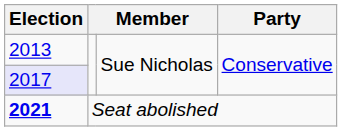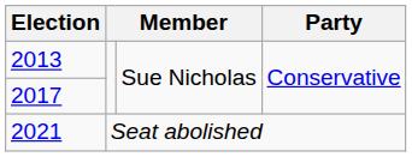 <table class="wikitable">
 <tr>
 <th>Election</th>
 <th colspan="2">Member</th>
 <th>Party</th>
 </tr>
 <tr>
 <td><a href='#'>2013</a></td>
 <td rowspan="2" style="background-color: "></td>
 <td rowspan="2">Sue Nicholas</td>
 <td rowspan="2"><a href='#'>Conservative</a></td>
 </tr>
 <tr>
-<td style="background: lavender;"><a href='#'>2017</a></td>
+<td><a href='#'>2017</a></td>
 </tr>
 <tr>
-<td><strong><a href='#'>2021</a></strong></td>
+<td><a href='#'>2021</a></td>
 <td colspan="3"><em>Seat abolished</em></td>
 </tr>
 </table>
